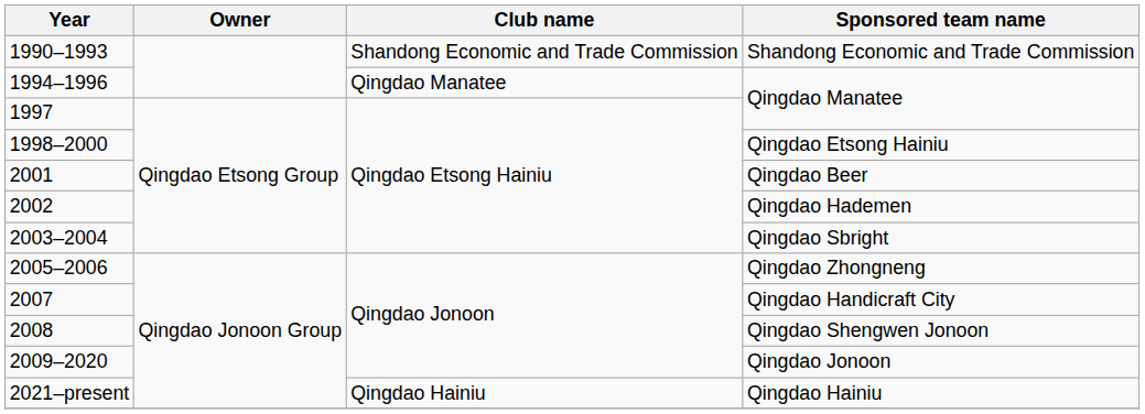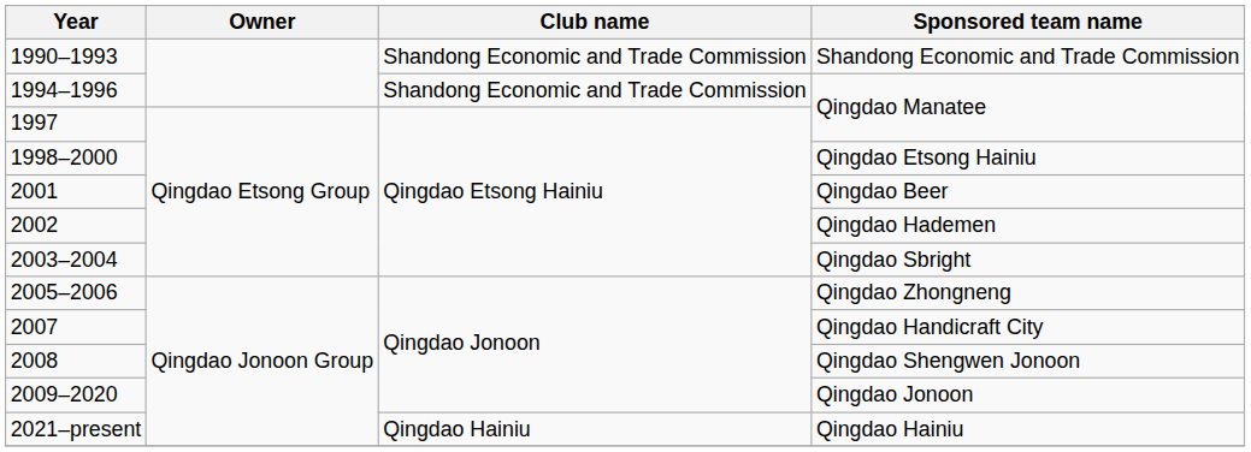 <table class="wikitable sortable" style=text-align:left>
 <tr>
 <th>Year</th>
 <th>Owner</th>
 <th>Club name</th>
 <th>Sponsored team name</th>
 </tr>
 <tr>
 <td>1990–1993</td>
 <td rowspan="2"></td>
 <td>Shandong Economic and Trade Commission</td>
 <td>Shandong Economic and Trade Commission</td>
 </tr>
 <tr>
 <td>1994–1996</td>
-<td>Qingdao Manatee</td>
+<td>Shandong Economic and Trade Commission</td>
 <td rowspan="2">Qingdao Manatee</td>
 </tr>
 <tr>
 <td>1997</td>
 <td rowspan="5">Qingdao Etsong Group</td>
 <td rowspan="5">Qingdao Etsong Hainiu</td>
 </tr>
 <tr>
 <td>1998–2000</td>
 <td>Qingdao Etsong Hainiu</td>
 </tr>
 <tr>
 <td>2001</td>
 <td>Qingdao Beer</td>
 </tr>
 <tr>
 <td>2002</td>
 <td>Qingdao Hademen</td>
 </tr>
 <tr>
 <td>2003–2004</td>
 <td>Qingdao Sbright</td>
 </tr>
 <tr>
 <td>2005–2006</td>
 <td rowspan="5">Qingdao Jonoon Group</td>
 <td rowspan="4">Qingdao Jonoon</td>
 <td>Qingdao Zhongneng</td>
 </tr>
 <tr>
 <td>2007</td>
 <td>Qingdao Handicraft City</td>
 </tr>
 <tr>
 <td>2008</td>
 <td>Qingdao Shengwen Jonoon</td>
 </tr>
 <tr>
 <td>2009–2020</td>
 <td>Qingdao Jonoon</td>
 </tr>
 <tr>
 <td>2021–present</td>
 <td>Qingdao Hainiu</td>
 <td>Qingdao Hainiu</td>
 </tr>
 <tr>
 </tr>
 </table>
